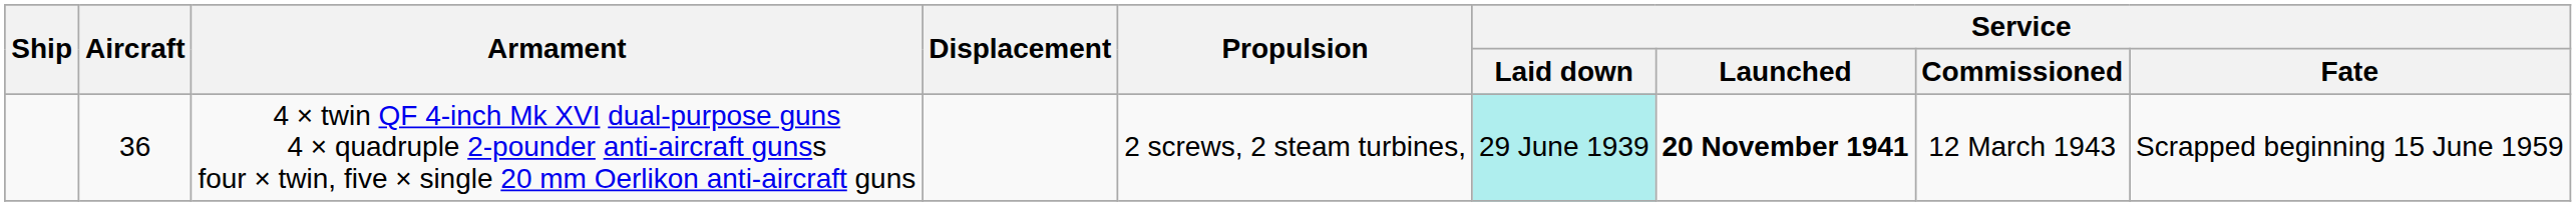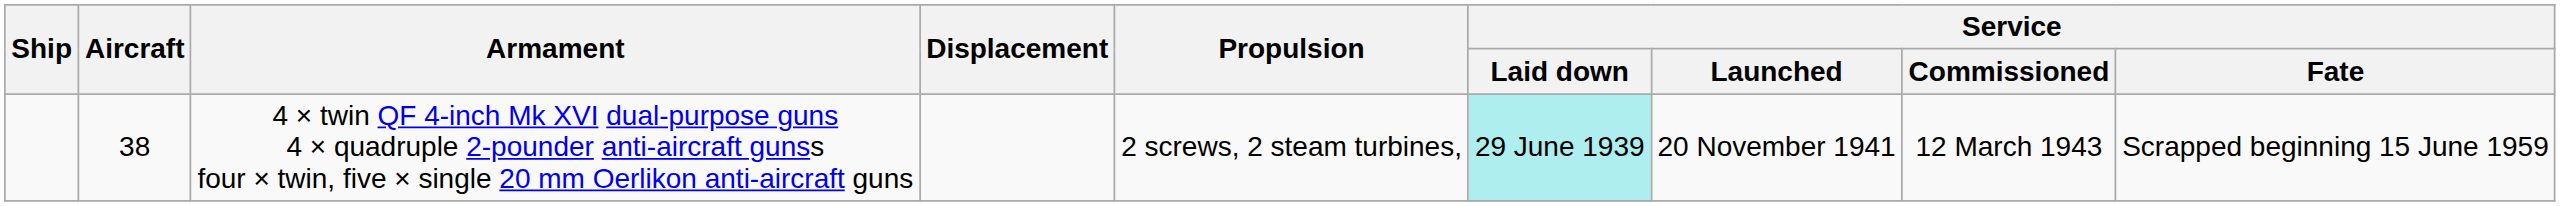 <table class="wikitable plainrowheaders">
 <tr>
 <th scope="col" align= center rowspan=2>Ship</th>
 <th scope="col" align= center rowspan=2>Aircraft</th>
 <th scope="col" align= center rowspan=2>Armament</th>
 <th scope="col" align= center rowspan=2>Displacement</th>
 <th scope="col" align= center rowspan=2>Propulsion</th>
 <th scope="col" align= center colspan=4>Service</th>
 </tr>
 <tr valign="top">
 <th scope="col" align= center>Laid down</th>
 <th scope="col" align= center>Launched</th>
 <th scope="col" align= center>Commissioned</th>
 <th scope="col" align= center>Fate</th>
 </tr>
 <tr valign="center">
 <td scope="row" align= left></td>
-<td align= center>36</td>
+<td align= center>38</td>
 <td align= center>4 × twin <a href='#'>QF 4-inch Mk XVI</a> <a href='#'>dual-purpose guns</a><br>4 × quadruple <a href='#'>2-pounder</a> <a href='#'>anti-aircraft guns</a>s<br>four × twin, five × single <a href='#'>20 mm Oerlikon anti-aircraft</a> guns</td>
 <td align= center></td>
 <td align= center>2 screws, 2 steam turbines, </td>
 <td align= center style="background: paleturquoise;">29 June 1939</td>
-<td align= center><strong>20 November 1941</strong></td>
+<td align= center>20 November 1941</td>
 <td align= center>12 March 1943</td>
 <td align= center>Scrapped beginning 15 June 1959</td>
 </tr>
 </table>
